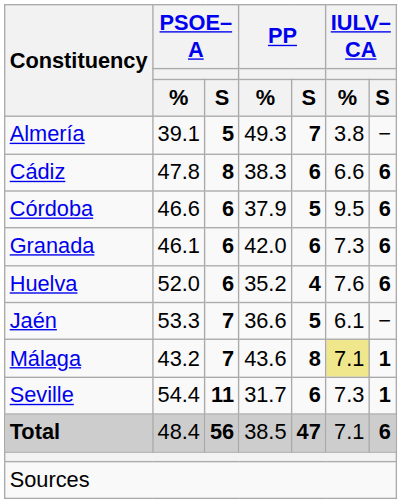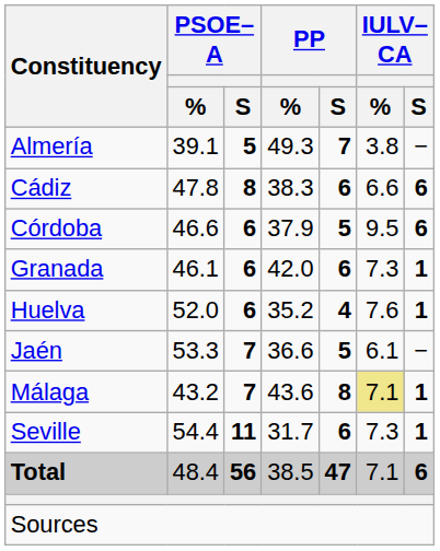 <table class="wikitable sortable" style="text-align:right; line-height:20px;">
 <tr>
 <th rowspan="3">Constituency</th>
 <th colspan="2" width="30px" class="unsortable"><a href='#'>PSOE–A</a></th>
 <th colspan="2" width="30px" class="unsortable"><a href='#'>PP</a></th>
 <th colspan="2" width="30px" class="unsortable"><a href='#'>IULV–CA</a></th>
 </tr>
 <tr>
 <th colspan="2" style="background:"></th>
 <th colspan="2" style="background:"></th>
 <th colspan="2" style="background:"></th>
 </tr>
 <tr>
 <th data-sort-type="number">%</th>
 <th data-sort-type="number">S</th>
 <th data-sort-type="number">%</th>
 <th data-sort-type="number">S</th>
 <th data-sort-type="number">%</th>
 <th data-sort-type="number">S</th>
 </tr>
 <tr>
 <td align="left"><a href='#'>Almería</a></td>
 <td>39.1</td>
 <td><strong>5</strong></td>
 <td style="background:">49.3</td>
 <td><strong>7</strong></td>
 <td>3.8</td>
 <td>−</td>
 </tr>
 <tr>
 <td align="left"><a href='#'>Cádiz</a></td>
 <td style="background:">47.8</td>
 <td><strong>8</strong></td>
 <td>38.3</td>
 <td><strong>6</strong></td>
 <td>6.6</td>
 <td><strong>6</strong></td>
 </tr>
 <tr>
 <td align="left"><a href='#'>Córdoba</a></td>
 <td style="background:">46.6</td>
 <td><strong>6</strong></td>
 <td>37.9</td>
 <td><strong>5</strong></td>
 <td>9.5</td>
 <td><strong>6</strong></td>
 </tr>
 <tr>
 <td align="left"><a href='#'>Granada</a></td>
 <td style="background:">46.1</td>
 <td><strong>6</strong></td>
 <td>42.0</td>
 <td><strong>6</strong></td>
 <td>7.3</td>
-<td><strong>6</strong></td>
+<td><strong>1</strong></td>
 </tr>
 <tr>
 <td align="left"><a href='#'>Huelva</a></td>
 <td style="background:">52.0</td>
 <td><strong>6</strong></td>
 <td>35.2</td>
 <td><strong>4</strong></td>
 <td>7.6</td>
-<td><strong>6</strong></td>
+<td><strong>1</strong></td>
 </tr>
 <tr>
 <td align="left"><a href='#'>Jaén</a></td>
 <td style="background:">53.3</td>
 <td><strong>7</strong></td>
 <td>36.6</td>
 <td><strong>5</strong></td>
 <td>6.1</td>
 <td>−</td>
 </tr>
 <tr>
 <td align="left"><a href='#'>Málaga</a></td>
 <td>43.2</td>
 <td><strong>7</strong></td>
 <td style="background:">43.6</td>
 <td><strong>8</strong></td>
 <td style="background: khaki;">7.1</td>
 <td><strong>1</strong></td>
 </tr>
 <tr>
 <td align="left"><a href='#'>Seville</a></td>
 <td style="background:">54.4</td>
 <td><strong>11</strong></td>
 <td>31.7</td>
 <td><strong>6</strong></td>
 <td>7.3</td>
 <td><strong>1</strong></td>
 </tr>
 <tr style="background:#CDCDCD;">
 <td align="left"><strong>Total</strong></td>
 <td style="background:">48.4</td>
 <td><strong>56</strong></td>
 <td>38.5</td>
 <td><strong>47</strong></td>
 <td>7.1</td>
 <td><strong>6</strong></td>
 </tr>
 <tr>
 <th colspan="7"></th>
 </tr>
 <tr>
 <th style="text-align:left; font-weight:normal; background:#F9F9F9" colspan="7">Sources</th>
 </tr>
 </table>
